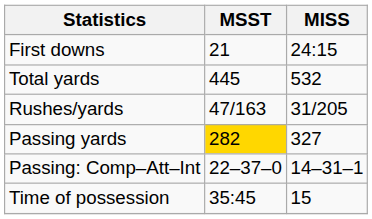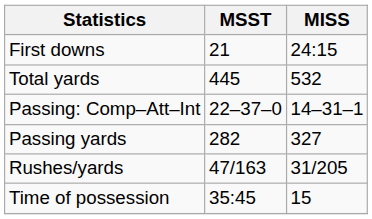 <table class="wikitable" style="float: left;">
 <tr>
 <th>Statistics</th>
 <th>MSST</th>
 <th>MISS</th>
 </tr>
 <tr>
 <td>First downs</td>
 <td>21</td>
 <td>24:15</td>
 </tr>
 <tr>
 <td>Total yards</td>
 <td>445</td>
 <td>532</td>
 </tr>
 <tr>
+<td>Passing: Comp–Att–Int</td>
+<td>22–37–0</td>
+<td>14–31–1</td>
+</tr>
+<tr>
+<td>Passing yards</td>
+<td>282</td>
+<td>327</td>
+</tr>
+<tr>
 <td>Rushes/yards</td>
 <td>47/163</td>
 <td>31/205</td>
-</tr>
-<tr>
-<td>Passing yards</td>
-<td style="background: gold;">282</td>
-<td>327</td>
-</tr>
-<tr>
-<td>Passing: Comp–Att–Int</td>
-<td>22–37–0</td>
-<td>14–31–1</td>
 </tr>
 <tr>
 <td>Time of possession</td>
 <td>35:45</td>
 <td>15</td>
 </tr>
 <tr>
 </tr>
 </table>
